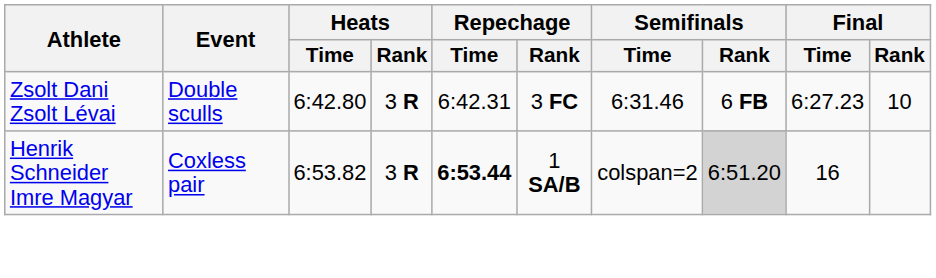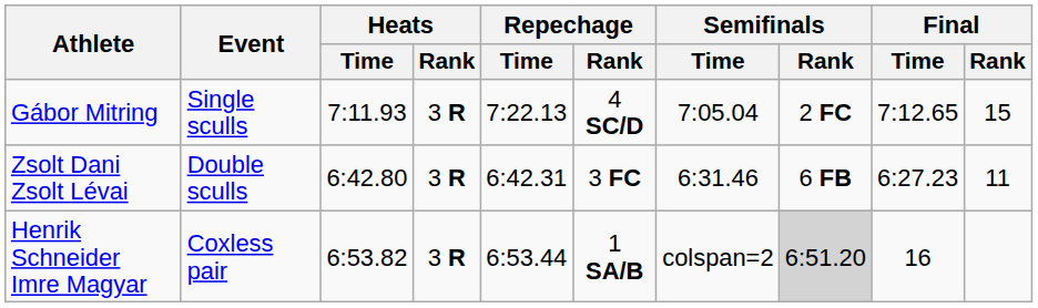 <table class="wikitable" style="font-size:90%">
 <tr>
 <th rowspan="2">Athlete</th>
 <th rowspan="2">Event</th>
 <th colspan="2">Heats</th>
 <th colspan="2">Repechage</th>
 <th colspan="2">Semifinals</th>
 <th colspan="2">Final</th>
 </tr>
 <tr style="font-size:95%">
 <th>Time</th>
 <th>Rank</th>
 <th>Time</th>
 <th>Rank</th>
 <th>Time</th>
 <th>Rank</th>
 <th>Time</th>
 <th>Rank</th>
 </tr>
 <tr align=center>
+<td align=left><a href='#'>Gábor Mitring</a></td>
+<td align=left><a href='#'>Single sculls</a></td>
+<td>7:11.93</td>
+<td>3 <strong>R</strong></td>
+<td>7:22.13</td>
+<td>4 <strong>SC/D</strong></td>
+<td>7:05.04</td>
+<td>2 <strong>FC</strong></td>
+<td>7:12.65</td>
+<td>15</td>
+</tr>
+<tr align=center>
 <td align=left><a href='#'>Zsolt Dani</a><br><a href='#'>Zsolt Lévai</a></td>
 <td align=left><a href='#'>Double sculls</a></td>
 <td>6:42.80</td>
 <td>3 <strong>R</strong></td>
 <td>6:42.31</td>
 <td>3 <strong>FC</strong></td>
 <td>6:31.46</td>
 <td>6 <strong>FB</strong></td>
 <td>6:27.23</td>
-<td>10</td>
+<td>11</td>
 </tr>
 <tr align=center>
 <td align=left><a href='#'>Henrik Schneider</a><br><a href='#'>Imre Magyar</a></td>
 <td align=left><a href='#'>Coxless pair</a></td>
 <td>6:53.82</td>
 <td>3 <strong>R</strong></td>
-<td><strong>6:53.44</strong></td>
+<td>6:53.44</td>
 <td>1 <strong>SA/B</strong></td>
 <td>colspan=2</td>
 <td style="background: lightgrey;">6:51.20</td>
 <td>16</td>
 </tr>
 </table>
